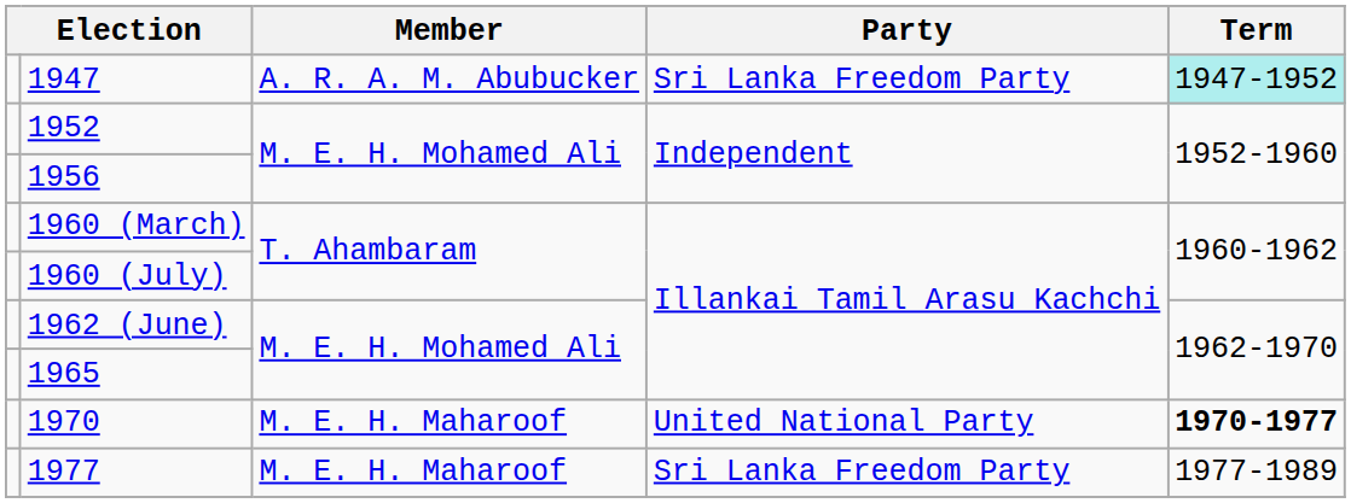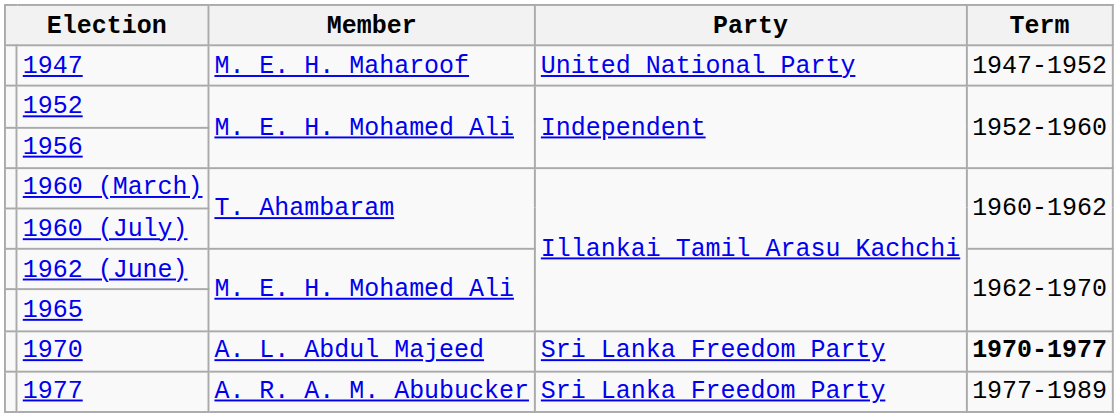 <table class="wikitable">
 <tr>
 <th colspan="2">Election</th>
 <th>Member</th>
 <th>Party</th>
 <th>Term</th>
 </tr>
 <tr>
 <td style="background-color: "></td>
 <td><a href='#'>1947</a></td>
-<td><a href='#'>A. R. A. M. Abubucker</a></td>
-<td><a href='#'>Sri Lanka Freedom Party</a></td>
-<td style="background: paleturquoise;">1947-1952</td>
+<td><a href='#'>M. E. H. Maharoof</a></td>
+<td><a href='#'>United National Party</a></td>
+<td>1947-1952</td>
 </tr>
 <tr>
 <td style="background-color: "></td>
 <td><a href='#'>1952</a></td>
 <td rowspan ="2"><a href='#'>M. E. H. Mohamed Ali</a></td>
 <td rowspan ="2"><a href='#'>Independent</a></td>
 <td rowspan ="2">1952-1960</td>
 </tr>
 <tr>
 <td style="background-color: "></td>
 <td><a href='#'>1956</a></td>
 </tr>
 <tr>
 <td style="background-color: "></td>
 <td><a href='#'>1960 (March)</a></td>
 <td rowspan ="2"><a href='#'>T. Ahambaram</a></td>
 <td rowspan ="4"><a href='#'>Illankai Tamil Arasu Kachchi</a></td>
 <td rowspan ="2">1960-1962</td>
 </tr>
 <tr>
 <td style="background-color: "></td>
 <td><a href='#'>1960 (July)</a></td>
 </tr>
 <tr>
 <td style="background-color: "></td>
 <td><a href='#'>1962 (June)</a></td>
 <td rowspan ="2"><a href='#'>M. E. H. Mohamed Ali</a></td>
 <td rowspan ="2">1962-1970</td>
 </tr>
 <tr>
 <td style="background-color: "></td>
 <td><a href='#'>1965</a></td>
 </tr>
 <tr>
 <td style="background-color: "></td>
 <td><a href='#'>1970</a></td>
-<td><a href='#'>M. E. H. Maharoof</a></td>
-<td><a href='#'>United National Party</a></td>
+<td><a href='#'>A. L. Abdul Majeed</a></td>
+<td><a href='#'>Sri Lanka Freedom Party</a></td>
 <td><strong>1970-1977</strong></td>
 </tr>
 <tr>
 <td style="background-color: "></td>
 <td><a href='#'>1977</a></td>
-<td><a href='#'>M. E. H. Maharoof</a></td>
+<td><a href='#'>A. R. A. M. Abubucker</a></td>
 <td><a href='#'>Sri Lanka Freedom Party</a></td>
 <td>1977-1989</td>
 </tr>
 </table>
